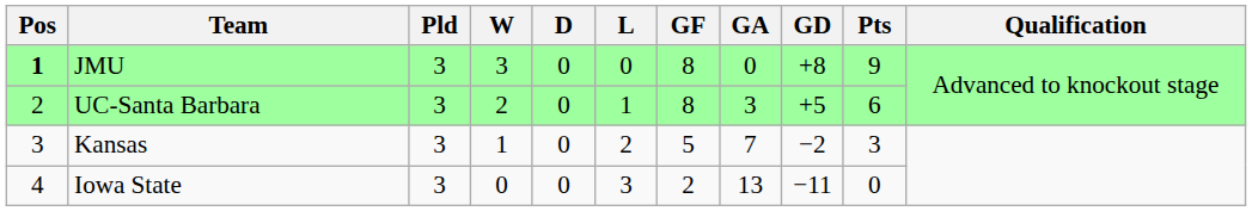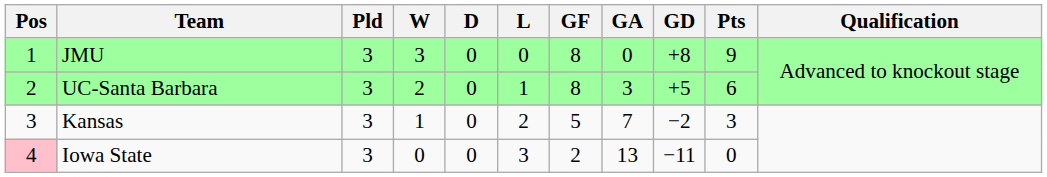 <table class="wikitable" style="text-align:center; margin: 1em auto">
 <tr>
 <th style="width:2em">Pos</th>
 <th style="width:13em">Team</th>
 <th style="width:2em">Pld</th>
 <th style="width:2em">W</th>
 <th style="width:2em">D</th>
 <th style="width:2em">L</th>
 <th style="width:2em">GF</th>
 <th style="width:2em">GA</th>
 <th style="width:2em">GD</th>
 <th style="width:2em">Pts</th>
 <th style="width:13em">Qualification</th>
 </tr>
 <tr bgcolor="#9eff9e">
-<td><strong>1</strong></td>
+<td>1</td>
 <td style="text-align:left">JMU</td>
 <td>3</td>
 <td>3</td>
 <td>0</td>
 <td>0</td>
 <td>8</td>
 <td>0</td>
 <td>+8</td>
 <td>9</td>
 <td rowspan="2">Advanced to knockout stage</td>
 </tr>
 <tr bgcolor="#9eff9e">
 <td>2</td>
 <td style="text-align:left">UC-Santa Barbara</td>
 <td>3</td>
 <td>2</td>
 <td>0</td>
 <td>1</td>
 <td>8</td>
 <td>3</td>
 <td>+5</td>
 <td>6</td>
 </tr>
 <tr>
 <td>3</td>
 <td style="text-align:left">Kansas</td>
 <td>3</td>
 <td>1</td>
 <td>0</td>
 <td>2</td>
 <td>5</td>
 <td>7</td>
 <td>−2</td>
 <td>3</td>
 </tr>
 <tr>
-<td>4</td>
+<td style="background: pink;">4</td>
 <td style="text-align:left">Iowa State</td>
 <td>3</td>
 <td>0</td>
 <td>0</td>
 <td>3</td>
 <td>2</td>
 <td>13</td>
 <td>−11</td>
 <td>0</td>
 </tr>
 </table>
